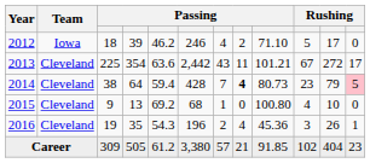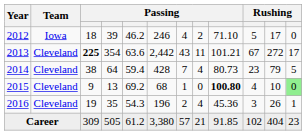 <table class="wikitable sortable" style="text-align:center">
 <tr>
 <th rowspan=2>Year</th>
 <th rowspan=2>Team</th>
 <th colspan=7>Passing</th>
 <th colspan=3>Rushing</th>
 </tr>
 <tr>
 <th></th>
 <th></th>
 <th></th>
 <th></th>
 <th></th>
 <th></th>
 <th></th>
 <th></th>
 <th></th>
 <th></th>
 </tr>
 <tr>
 <td><a href='#'>2012</a></td>
 <td><a href='#'>Iowa</a></td>
 <td>18</td>
 <td>39</td>
 <td>46.2</td>
 <td>246</td>
 <td>4</td>
 <td>2</td>
 <td>71.10</td>
 <td>5</td>
 <td>17</td>
 <td>0</td>
 </tr>
 <tr>
 <td><a href='#'>2013</a></td>
 <td><a href='#'>Cleveland</a></td>
-<td>225</td>
+<td><strong>225</strong></td>
 <td>354</td>
 <td>63.6</td>
 <td>2,442</td>
 <td>43</td>
 <td>11</td>
 <td>101.21</td>
 <td>67</td>
 <td>272</td>
 <td>17</td>
 </tr>
 <tr>
 <td><a href='#'>2014</a></td>
 <td><a href='#'>Cleveland</a></td>
 <td>38</td>
 <td>64</td>
 <td>59.4</td>
 <td>428</td>
 <td>7</td>
-<td><strong>4</strong></td>
+<td>4</td>
 <td>80.73</td>
 <td>23</td>
 <td>79</td>
-<td style="background: pink;">5</td>
+<td>5</td>
 </tr>
 <tr>
 <td><a href='#'>2015</a></td>
 <td><a href='#'>Cleveland</a></td>
 <td>9</td>
 <td>13</td>
 <td>69.2</td>
 <td>68</td>
 <td>1</td>
 <td>0</td>
-<td>100.80</td>
+<td><strong>100.80</strong></td>
 <td>4</td>
 <td>10</td>
-<td>0</td>
+<td style="background: lightgreen;">0</td>
 </tr>
 <tr>
 <td><a href='#'>2016</a></td>
 <td><a href='#'>Cleveland</a></td>
 <td>19</td>
 <td>35</td>
 <td>54.3</td>
 <td>196</td>
 <td>2</td>
 <td>4</td>
 <td>45.36</td>
 <td>3</td>
 <td>26</td>
 <td>1</td>
 </tr>
 <tr class="sortbottom" style="background:#eee;">
 <td colspan=2><strong>Career</strong></td>
 <td>309</td>
 <td>505</td>
 <td>61.2</td>
 <td>3,380</td>
 <td>57</td>
 <td>21</td>
 <td>91.85</td>
 <td>102</td>
 <td>404</td>
 <td>23</td>
 </tr>
 </table>
